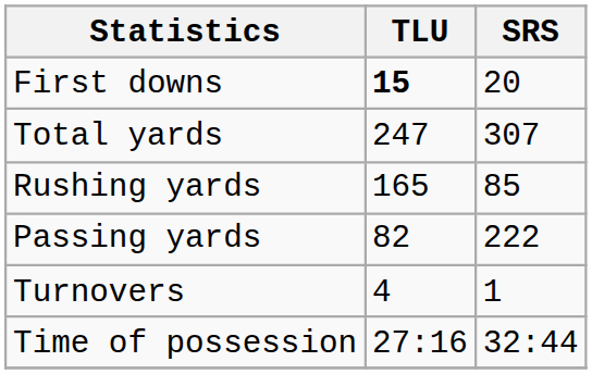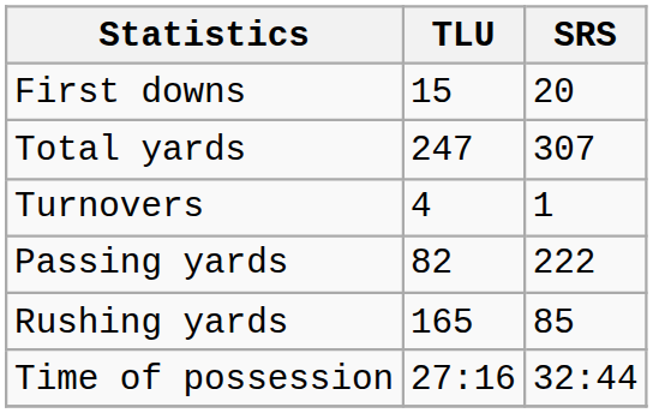 <table class="wikitable" style="float: left;">
 <tr>
 <th>Statistics</th>
 <th>TLU</th>
 <th>SRS</th>
 </tr>
 <tr>
 <td>First downs</td>
-<td><strong>15</strong></td>
+<td>15</td>
 <td>20</td>
 </tr>
 <tr>
 <td>Total yards</td>
 <td>247</td>
 <td>307</td>
 </tr>
 <tr>
-<td>Rushing yards</td>
-<td>165</td>
-<td>85</td>
+<td>Turnovers</td>
+<td>4</td>
+<td>1</td>
 </tr>
 <tr>
 <td>Passing yards</td>
 <td>82</td>
 <td>222</td>
 </tr>
 <tr>
-<td>Turnovers</td>
-<td>4</td>
-<td>1</td>
+<td>Rushing yards</td>
+<td>165</td>
+<td>85</td>
 </tr>
 <tr>
 <td>Time of possession</td>
 <td>27:16</td>
 <td>32:44</td>
 </tr>
 <tr>
 </tr>
 </table>
